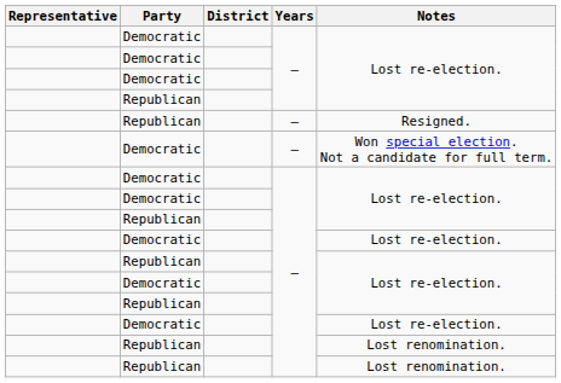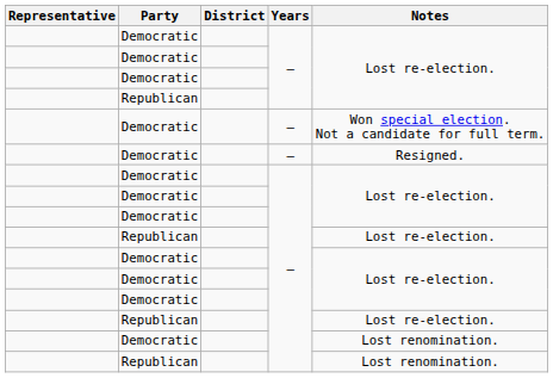 <table class="wikitable sortable" style="text-align:center">
 <tr valign=bottom>
 <th>Representative</th>
 <th>Party</th>
 <th>District</th>
 <th>Years</th>
 <th>Notes</th>
 </tr>
 <tr>
 <td align=left></td>
 <td>Democratic</td>
 <td></td>
 <td rowspan="4" nowrap=""> –<br></td>
 <td rowspan="4">Lost re-election.</td>
 </tr>
 <tr>
 <td align=left></td>
 <td>Democratic</td>
 <td></td>
 </tr>
 <tr>
 <td align=left></td>
 <td>Democratic</td>
 <td></td>
 </tr>
 <tr>
 <td align=left></td>
 <td>Republican</td>
 <td></td>
 </tr>
 <tr>
 <td align=left></td>
-<td>Republican</td>
+<td>Democratic</td>
 <td></td>
 <td nowrap> –<br></td>
-<td>Resigned.</td>
+<td>Won <a href='#'>special election</a>.<br>Not a candidate for full term.</td>
 </tr>
 <tr>
 <td align=left></td>
 <td>Democratic</td>
 <td></td>
 <td> –<br></td>
-<td>Won <a href='#'>special election</a>.<br>Not a candidate for full term.</td>
+<td>Resigned.</td>
 </tr>
 <tr>
 <td align=left></td>
 <td>Democratic</td>
 <td></td>
 <td rowspan="10" nowrap=""> –<br></td>
 <td rowspan="3">Lost re-election.</td>
 </tr>
 <tr>
 <td align=left></td>
 <td>Democratic</td>
 <td></td>
 </tr>
 <tr>
 <td align=left></td>
-<td>Republican</td>
+<td>Democratic</td>
 <td></td>
 </tr>
 <tr>
 <td align=left></td>
-<td>Democratic</td>
+<td>Republican</td>
 <td></td>
 <td>Lost re-election.</td>
 </tr>
 <tr>
 <td align=left></td>
-<td>Republican</td>
+<td>Democratic</td>
 <td></td>
 <td rowspan="3">Lost re-election.</td>
 </tr>
 <tr>
 <td align=left></td>
 <td>Democratic</td>
 <td></td>
 </tr>
 <tr>
 <td align=left></td>
-<td>Republican</td>
+<td>Democratic</td>
 <td></td>
 </tr>
 <tr>
 <td align=left></td>
-<td>Democratic</td>
+<td>Republican</td>
 <td></td>
 <td>Lost re-election.</td>
 </tr>
 <tr>
 <td align=left></td>
-<td>Republican</td>
+<td>Democratic</td>
 <td></td>
 <td>Lost renomination.</td>
 </tr>
 <tr>
 <td align=left></td>
 <td>Republican</td>
 <td></td>
 <td>Lost renomination.</td>
 </tr>
 </table>
